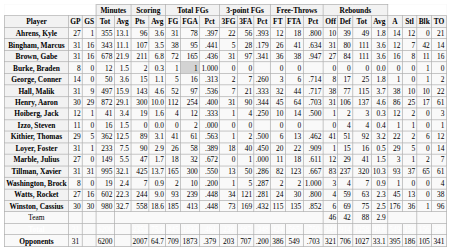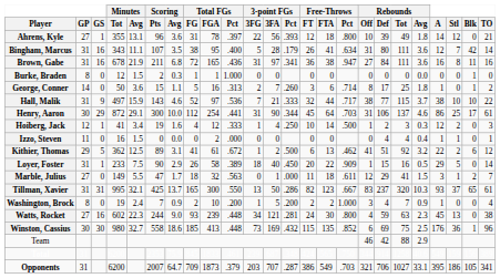 <table class="wikitable sortable" style="font-size:70%;">
 <tr>
 <th colspan="3" style="border-top-style:hidden; border-left-style:hidden; background: white;"></th>
 <th colspan="2" style="background:#">Minutes</th>
 <th colspan="2" style="background:#">Scoring</th>
 <th colspan="3" style="background:#">Total FGs</th>
 <th colspan="3" style="background:#">3-point FGs</th>
 <th colspan="3" style="background:#">Free-Throws</th>
 <th colspan="4" style="background:#">Rebounds</th>
 <th colspan="4" style="border-top-style:hidden; border-right-style:hidden; background: white;"></th>
 </tr>
 <tr>
 <th scope="col" style="background:#">Player</th>
 <th scope="col" style="background:#">GP</th>
 <th scope="col" style="background:#">GS</th>
 <th scope="col" style="background:#">Tot</th>
 <th scope="col" style="background:#">Avg</th>
 <th scope="col" style="background:#">Pts</th>
 <th scope="col" style="background:#">Avg</th>
 <th scope="col" style="background:#">FG</th>
 <th scope="col" style="background:#">FGA</th>
 <th scope="col" style="background:#">Pct</th>
 <th scope="col" style="background:#">3FG</th>
 <th scope="col" style="background:#">3FA</th>
 <th scope="col" style="background:#">Pct</th>
 <th scope="col" style="background:#">FT</th>
 <th scope="col" style="background:#">FTA</th>
 <th scope="col" style="background:#">Pct</th>
 <th scope="col" style="background:#">Off</th>
 <th scope="col" style="background:#">Def</th>
 <th scope="col" style="background:#">Tot</th>
 <th scope="col" style="background:#">Avg</th>
 <th scope="col" style="background:#">A</th>
 <th scope="col" style="background:#">Stl</th>
 <th scope="col" style="background:#">Blk</th>
 <th scope="col" style="background:#">TO</th>
 </tr>
 <tr>
 <th style=white-space:nowrap>Ahrens, Kyle</th>
 <td style="text-align:right;">27</td>
 <td style="text-align:right;">1</td>
 <td style="text-align:right;">355</td>
 <td style="text-align:right;">13.1</td>
 <td style="text-align:right;">96</td>
 <td style="text-align:right;">3.6</td>
 <td style="text-align:right;">31</td>
 <td style="text-align:right;">78</td>
 <td style="text-align:right;">.397</td>
 <td style="text-align:right;">22</td>
 <td style="text-align:right;">56</td>
 <td style="text-align:right;">.393</td>
 <td style="text-align:right;">12</td>
 <td style="text-align:right;">18</td>
 <td style="text-align:right;">.800</td>
 <td style="text-align:right;">10</td>
 <td style="text-align:right;">39</td>
 <td style="text-align:right;">49</td>
 <td style="text-align:right;">1.8</td>
 <td style="text-align:right;">14</td>
 <td style="text-align:right;">12</td>
 <td style="text-align:right;">0</td>
 <td style="text-align:right;">21</td>
 </tr>
 <tr>
 <th style=white-space:nowrap>Bingham, Marcus</th>
 <td style="text-align:right;">31</td>
 <td style="text-align:right;">16</td>
 <td style="text-align:right;">343</td>
 <td style="text-align:right;">11.1</td>
 <td style="text-align:right;">107</td>
 <td style="text-align:right;">3.5</td>
 <td style="text-align:right;">38</td>
 <td style="text-align:right;">95</td>
-<td style="text-align:right;">.441</td>
+<td style="text-align:right;">.400</td>
 <td style="text-align:right;">5</td>
 <td style="text-align:right;">28</td>
 <td style="text-align:right;">.179</td>
 <td style="text-align:right;">26</td>
 <td style="text-align:right;">41</td>
 <td style="text-align:right;">.634</td>
 <td style="text-align:right;">31</td>
 <td style="text-align:right;">80</td>
 <td style="text-align:right;">111</td>
 <td style="text-align:right;">3.6</td>
 <td style="text-align:right;">12</td>
 <td style="text-align:right;">7</td>
 <td style="text-align:right;">42</td>
 <td style="text-align:right;">14</td>
 </tr>
 <tr>
 <th style=white-space:nowrap>Brown, Gabe</th>
 <td style="text-align:right;">31</td>
 <td style="text-align:right;">16</td>
 <td style="text-align:right;">678</td>
 <td style="text-align:right;">21.9</td>
 <td style="text-align:right;">211</td>
 <td style="text-align:right;">6.8</td>
 <td style="text-align:right;">72</td>
 <td style="text-align:right;">165</td>
 <td style="text-align:right;">.436</td>
 <td style="text-align:right;">31</td>
 <td style="text-align:right;">97</td>
 <td style="text-align:right;">.341</td>
 <td style="text-align:right;">36</td>
 <td style="text-align:right;">38</td>
 <td style="text-align:right;">.947</td>
 <td style="text-align:right;">27</td>
 <td style="text-align:right;">84</td>
 <td style="text-align:right;">111</td>
 <td style="text-align:right;">3.6</td>
 <td style="text-align:right;">16</td>
 <td style="text-align:right;">8</td>
 <td style="text-align:right;">11</td>
 <td style="text-align:right;">16</td>
 </tr>
 <tr>
 <th style=white-space:nowrap>Burke, Braden</th>
 <td style="text-align:right;">8</td>
 <td style="text-align:right;">0</td>
 <td style="text-align:right;">12</td>
 <td style="text-align:right;">1.5</td>
 <td style="text-align:right;">2</td>
 <td style="text-align:right;">0.3</td>
 <td style="text-align:right;">1</td>
-<td style="background: lightgrey; text-align:right;">1</td>
+<td style="text-align:right;">1</td>
 <td style="text-align:right;">1.000</td>
 <td style="text-align:right;">0</td>
 <td style="text-align:right;">0</td>
 <td style="text-align:right;"></td>
 <td style="text-align:right;">0</td>
 <td style="text-align:right;">0</td>
 <td style="text-align:right;"></td>
 <td style="text-align:right;">0</td>
 <td style="text-align:right;">0</td>
 <td style="text-align:right;">0</td>
 <td style="text-align:right;">0.0</td>
 <td style="text-align:right;">0</td>
 <td style="text-align:right;">0</td>
 <td style="text-align:right;">1</td>
 <td style="text-align:right;">0</td>
 </tr>
 <tr>
 <th style=white-space:nowrap>George, Conner</th>
 <td style="text-align:right;">14</td>
 <td style="text-align:right;">0</td>
 <td style="text-align:right;">50</td>
 <td style="text-align:right;">3.6</td>
 <td style="text-align:right;">15</td>
 <td style="text-align:right;">1.1</td>
 <td style="text-align:right;">5</td>
 <td style="text-align:right;">16</td>
 <td style="text-align:right;">.313</td>
 <td style="text-align:right;">2</td>
 <td style="text-align:right;">7</td>
 <td style="text-align:right;">.260</td>
 <td style="text-align:right;">3</td>
 <td style="text-align:right;">6</td>
 <td style="text-align:right;">.714</td>
 <td style="text-align:right;">8</td>
 <td style="text-align:right;">17</td>
 <td style="text-align:right;">25</td>
 <td style="text-align:right;">1.8</td>
 <td style="text-align:right;">1</td>
 <td style="text-align:right;">0</td>
 <td style="text-align:right;">1</td>
 <td style="text-align:right;">2</td>
 </tr>
 <tr>
 <th style=white-space:nowrap>Hall, Malik</th>
 <td style="text-align:right;">31</td>
 <td style="text-align:right;">9</td>
 <td style="text-align:right;">497</td>
 <td style="text-align:right;">15.9</td>
 <td style="text-align:right;">143</td>
 <td style="text-align:right;">4.6</td>
 <td style="text-align:right;">52</td>
 <td style="text-align:right;">97</td>
 <td style="text-align:right;">.536</td>
 <td style="text-align:right;">7</td>
 <td style="text-align:right;">21</td>
 <td style="text-align:right;">.333</td>
 <td style="text-align:right;">32</td>
 <td style="text-align:right;">44</td>
 <td style="text-align:right;">.717</td>
 <td style="text-align:right;">38</td>
 <td style="text-align:right;">77</td>
 <td style="text-align:right;">115</td>
 <td style="text-align:right;">3.7</td>
 <td style="text-align:right;">38</td>
 <td style="text-align:right;">10</td>
 <td style="text-align:right;">10</td>
 <td style="text-align:right;">22</td>
 </tr>
 <tr>
 <th style=white-space:nowrap>Henry, Aaron</th>
 <td style="text-align:right;">30</td>
 <td style="text-align:right;">29</td>
 <td style="text-align:right;">872</td>
 <td style="text-align:right;">29.1</td>
 <td style="text-align:right;">300</td>
 <td style="text-align:right;">10.0</td>
 <td style="text-align:right;">112</td>
 <td style="text-align:right;">254</td>
-<td style="text-align:right;">.400</td>
+<td style="text-align:right;">.441</td>
 <td style="text-align:right;">31</td>
 <td style="text-align:right;">90</td>
 <td style="text-align:right;">.344</td>
 <td style="text-align:right;">45</td>
 <td style="text-align:right;">64</td>
 <td style="text-align:right;">.703</td>
 <td style="text-align:right;">31</td>
 <td style="text-align:right;">106</td>
 <td style="text-align:right;">137</td>
 <td style="text-align:right;">4.6</td>
 <td style="text-align:right;">86</td>
 <td style="text-align:right;">25</td>
 <td style="text-align:right;">17</td>
 <td style="text-align:right;">61</td>
 </tr>
 <tr>
 <th style=white-space:nowrap>Hoiberg, Jack</th>
 <td style="text-align:right;">12</td>
 <td style="text-align:right;">1</td>
 <td style="text-align:right;">41</td>
 <td style="text-align:right;">3.4</td>
 <td style="text-align:right;">19</td>
 <td style="text-align:right;">1.6</td>
 <td style="text-align:right;">4</td>
 <td style="text-align:right;">12</td>
 <td style="text-align:right;">.333</td>
 <td style="text-align:right;">1</td>
 <td style="text-align:right;">4</td>
 <td style="text-align:right;">.250</td>
 <td style="text-align:right;">10</td>
 <td style="text-align:right;">14</td>
 <td style="text-align:right;">.500</td>
 <td style="text-align:right;">1</td>
 <td style="text-align:right;">2</td>
 <td style="text-align:right;">3</td>
 <td style="text-align:right;">0.3</td>
 <td style="text-align:right;">12</td>
 <td style="text-align:right;">2</td>
 <td style="text-align:right;">0</td>
 <td style="text-align:right;">3</td>
 </tr>
 <tr>
 <th style=white-space:nowrap>Izzo, Steven</th>
 <td style="text-align:right;">11</td>
 <td style="text-align:right;">0</td>
 <td style="text-align:right;">16</td>
 <td style="text-align:right;">1.5</td>
 <td style="text-align:right;">0</td>
 <td style="text-align:right;">0.0</td>
 <td style="text-align:right;">0</td>
 <td style="text-align:right;">2</td>
 <td style="text-align:right;">.000</td>
 <td style="text-align:right;">0</td>
 <td style="text-align:right;">0</td>
 <td style="text-align:right;"></td>
 <td style="text-align:right;">0</td>
 <td style="text-align:right;">0</td>
 <td style="text-align:right;"></td>
 <td style="text-align:right;">0</td>
 <td style="text-align:right;">4</td>
 <td style="text-align:right;">4</td>
 <td style="text-align:right;">0.4</td>
 <td style="text-align:right;">1</td>
 <td style="text-align:right;">1</td>
 <td style="text-align:right;">0</td>
 <td style="text-align:right;">1</td>
 </tr>
 <tr>
 <th style=white-space:nowrap>Kithier, Thomas</th>
 <td style="text-align:right;">29</td>
 <td style="text-align:right;">5</td>
 <td style="text-align:right;">362</td>
 <td style="text-align:right;">12.5</td>
 <td style="text-align:right;">89</td>
 <td style="text-align:right;">3.1</td>
 <td style="text-align:right;">41</td>
 <td style="text-align:right;">61</td>
-<td style="text-align:right;">.563</td>
+<td style="text-align:right;">.672</td>
 <td style="text-align:right;">1</td>
 <td style="text-align:right;">2</td>
 <td style="text-align:right;">.500</td>
 <td style="text-align:right;">6</td>
 <td style="text-align:right;">13</td>
 <td style="text-align:right;">.462</td>
 <td style="text-align:right;">41</td>
 <td style="text-align:right;">51</td>
 <td style="text-align:right;">92</td>
 <td style="text-align:right;">3.2</td>
 <td style="text-align:right;">22</td>
 <td style="text-align:right;">2</td>
 <td style="text-align:right;">6</td>
 <td style="text-align:right;">12</td>
 </tr>
 <tr>
 <th style=white-space:nowrap>Loyer, Foster</th>
 <td style="text-align:right;">31</td>
 <td style="text-align:right;">1</td>
 <td style="text-align:right;">233</td>
 <td style="text-align:right;">7.5</td>
 <td style="text-align:right;">90</td>
 <td style="text-align:right;">2.9</td>
 <td style="text-align:right;">26</td>
 <td style="text-align:right;">58</td>
 <td style="text-align:right;">.389</td>
 <td style="text-align:right;">18</td>
 <td style="text-align:right;">40</td>
 <td style="text-align:right;">.450</td>
 <td style="text-align:right;">20</td>
 <td style="text-align:right;">22</td>
 <td style="text-align:right;">.909</td>
 <td style="text-align:right;">1</td>
 <td style="text-align:right;">15</td>
 <td style="text-align:right;">16</td>
 <td style="text-align:right;">0.5</td>
 <td style="text-align:right;">29</td>
 <td style="text-align:right;">5</td>
 <td style="text-align:right;">0</td>
 <td style="text-align:right;">14</td>
 </tr>
 <tr>
 <th style=white-space:nowrap>Marble, Julius</th>
 <td style="text-align:right;">27</td>
 <td style="text-align:right;">0</td>
 <td style="text-align:right;">149</td>
 <td style="text-align:right;">5.5</td>
 <td style="text-align:right;">47</td>
 <td style="text-align:right;">1.7</td>
 <td style="text-align:right;">18</td>
 <td style="text-align:right;">32</td>
-<td style="text-align:right;">.672</td>
+<td style="text-align:right;">.563</td>
 <td style="text-align:right;">0</td>
 <td style="text-align:right;">1</td>
 <td style="text-align:right;">.000</td>
 <td style="text-align:right;">11</td>
 <td style="text-align:right;">18</td>
 <td style="text-align:right;">.611</td>
 <td style="text-align:right;">12</td>
 <td style="text-align:right;">29</td>
 <td style="text-align:right;">41</td>
 <td style="text-align:right;">1.5</td>
 <td style="text-align:right;">3</td>
 <td style="text-align:right;">1</td>
 <td style="text-align:right;">2</td>
 <td style="text-align:right;">7</td>
 </tr>
 <tr>
 <th style=white-space:nowrap>Tillman, Xavier</th>
 <td style="text-align:right;">31</td>
 <td style="text-align:right;">31</td>
 <td style="text-align:right;">995</td>
 <td style="text-align:right;">32.1</td>
 <td style="text-align:right;">425</td>
 <td style="text-align:right;">13.7</td>
 <td style="text-align:right;">165</td>
 <td style="text-align:right;">300</td>
 <td style="text-align:right;">.550</td>
 <td style="text-align:right;">13</td>
 <td style="text-align:right;">50</td>
 <td style="text-align:right;">.286</td>
 <td style="text-align:right;">82</td>
 <td style="text-align:right;">123</td>
 <td style="text-align:right;">.667</td>
 <td style="text-align:right;">83</td>
 <td style="text-align:right;">237</td>
 <td style="text-align:right;">320</td>
 <td style="text-align:right;">10.3</td>
 <td style="text-align:right;">93</td>
 <td style="text-align:right;">37</td>
 <td style="text-align:right;">65</td>
 <td style="text-align:right;">61</td>
 </tr>
 <tr>
 <th style=white-space:nowrap>Washington, Brock</th>
 <td style="text-align:right;">8</td>
 <td style="text-align:right;">0</td>
 <td style="text-align:right;">19</td>
 <td style="text-align:right;">2.4</td>
 <td style="text-align:right;">7</td>
 <td style="text-align:right;">0.9</td>
 <td style="text-align:right;">2</td>
 <td style="text-align:right;">10</td>
 <td style="text-align:right;">.200</td>
 <td style="text-align:right;">1</td>
 <td style="text-align:right;">5</td>
-<td>.287</td>
+<td style="text-align:right;">.200</td>
 <td style="text-align:right;">2</td>
 <td style="text-align:right;">2</td>
 <td style="text-align:right;">1.000</td>
 <td style="text-align:right;">3</td>
 <td style="text-align:right;">4</td>
 <td style="text-align:right;">7</td>
 <td style="text-align:right;">0.9</td>
 <td style="text-align:right;">1</td>
 <td style="text-align:right;">0</td>
 <td style="text-align:right;">0</td>
 <td style="text-align:right;">4</td>
 </tr>
 <tr>
 <th style=white-space:nowrap>Watts, Rocket</th>
 <td style="text-align:right;">27</td>
 <td style="text-align:right;">16</td>
 <td style="text-align:right;">602</td>
 <td style="text-align:right;">22.3</td>
 <td style="text-align:right;">244</td>
 <td style="text-align:right;">9.0</td>
 <td style="text-align:right;">93</td>
 <td style="text-align:right;">239</td>
 <td style="text-align:right;">.448</td>
 <td style="text-align:right;">34</td>
 <td style="text-align:right;">121</td>
 <td style="text-align:right;">.281</td>
 <td style="text-align:right;">24</td>
 <td style="text-align:right;">30</td>
 <td style="text-align:right;">.800</td>
 <td style="text-align:right;">4</td>
 <td style="text-align:right;">59</td>
 <td style="text-align:right;">63</td>
 <td style="text-align:right;">2.3</td>
 <td style="text-align:right;">45</td>
 <td style="text-align:right;">13</td>
 <td style="text-align:right;">0</td>
 <td style="text-align:right;">38</td>
 </tr>
 <tr>
 <th style=white-space:nowrap>Winston, Cassius</th>
 <td style="text-align:right;">30</td>
 <td style="text-align:right;">30</td>
 <td style="text-align:right;">980</td>
 <td style="text-align:right;">32.7</td>
 <td style="text-align:right;">558</td>
 <td style="text-align:right;">18.6</td>
 <td style="text-align:right;">185</td>
 <td style="text-align:right;">413</td>
 <td style="text-align:right;">.448</td>
 <td style="text-align:right;">73</td>
 <td style="text-align:right;">169</td>
 <td style="text-align:right;">.432</td>
 <td style="text-align:right;">115</td>
 <td style="text-align:right;">135</td>
 <td style="text-align:right;">.852</td>
 <td style="text-align:right;">6</td>
 <td style="text-align:right;">69</td>
 <td style="text-align:right;">75</td>
 <td style="text-align:right;">2.5</td>
 <td style="text-align:right;">176</td>
 <td style="text-align:right;">36</td>
 <td style="text-align:right;">1</td>
 <td style="text-align:right;">96</td>
 </tr>
 <tr class="sortbottom">
 <td style="text-align:center;">Team</td>
 <td style="text-align:right;"></td>
 <td style="text-align:right;"></td>
 <td style="text-align:right;"></td>
 <td style="text-align:right; border-right-style:hidden;"></td>
 <td style="text-align:right; border-right-style:hidden;"></td>
 <td style="text-align:right; border-right-style:hidden;"></td>
 <td style="text-align:right; border-right-style:hidden;"></td>
 <td style="text-align:right; border-right-style:hidden;"></td>
 <td style="text-align:right; border-right-style:hidden;"></td>
 <td style="text-align:right; border-right-style:hidden;"></td>
 <td style="text-align:right; border-right-style:hidden;"></td>
 <td style="text-align:right; border-right-style:hidden;"></td>
 <td style="text-align:right; border-right-style:hidden;"></td>
 <td style="text-align:right; border-right-style:hidden;"></td>
 <td style="text-align:right;"></td>
 <td style="text-align:right;">46</td>
 <td style="text-align:right;">42</td>
 <td style="text-align:right;">88</td>
 <td style="text-align:right;">2.9</td>
 <td style="text-align:right; border-right-style:hidden;"></td>
 <td style="text-align:right;"></td>
 <td style="text-align:right; border-right-style:hidden;"></td>
 <td style="text-align:right;"></td>
 </tr>
 <tr class="sortbottom" style="color:#ffffff;" style="background:#">
 <td style="text-align:center;color:#ffffff;"><strong>Total</strong></td>
 <td style="text-align:center; color:#fff;">31</td>
 <td align="center" style="background:#"></td>
 <td align="center" style="background:#">6200</td>
 <td align="center" style="background:#"></td>
 <td align="center" style="background:#">2353</td>
 <td align="center" style="background:#">75.9</td>
 <td align="center" style="background:#">845</td>
 <td align="center" style="background:#">1833</td>
 <td align="center" style="background:#">.461</td>
 <td align="center" style="background:#">239</td>
 <td align="center" style="background:#">687</td>
 <td align="center" style="background:#">.348</td>
 <td align="center" style="background:#">424</td>
 <td align="center" style="background:#">565</td>
 <td align="center" style="background:#">.750</td>
 <td align="center" style="background:#">344</td>
 <td align="center" style="background:#">914</td>
 <td align="center" style="background:#">1258</td>
 <td align="center" style="background:#">40.6</td>
 <td align="center" style="background:#">549</td>
 <td align="center" style="background:#">159</td>
 <td align="center" style="background:#">156</td>
 <td align="center" style="background:#">389</td>
 </tr>
 <tr class="sortbottom" style="text-align:center;">
 <td><strong>Opponents</strong></td>
 <td>31</td>
 <td style="text-align:center;"></td>
 <td>6200</td>
 <td style="text-align:center;"></td>
 <td>2007</td>
 <td>64.7</td>
 <td>709</td>
 <td>1873</td>
 <td>.379</td>
 <td>203</td>
 <td>707</td>
-<td style="text-align:right;">.200</td>
+<td>.287</td>
 <td>386</td>
 <td>549</td>
 <td>.703</td>
 <td>321</td>
 <td>706</td>
 <td>1027</td>
 <td>33.1</td>
 <td>395</td>
 <td>186</td>
 <td>105</td>
 <td>341</td>
 </tr>
 </table>
